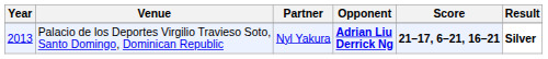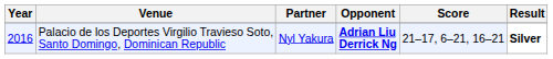 <table class="sortable wikitable" style="font-size: 90%;">
 <tr>
 <th>Year</th>
 <th>Venue</th>
 <th>Partner</th>
 <th>Opponent</th>
 <th>Score</th>
 <th>Result</th>
 </tr>
 <tr>
 </tr>
 <tr style="background:#ECF2FF">
-<td align="center"><a href='#'>2013</a></td>
+<td align="center"><a href='#'>2016</a></td>
 <td align="left">Palacio de los Deportes Virgilio Travieso Soto,<br><a href='#'>Santo Domingo</a>, <a href='#'>Dominican Republic</a></td>
 <td align="left"> <a href='#'>Nyl Yakura</a></td>
 <td align="left"><strong> <a href='#'>Adrian Liu</a><br> <a href='#'>Derrick Ng</a></strong></td>
-<td align="center"><strong>21–17, 6–21, 16–21</strong></td>
+<td align="center">21–17, 6–21, 16–21</td>
 <td style="text-align:left; background:white"> <strong>Silver</strong></td>
 </tr>
 </table>
